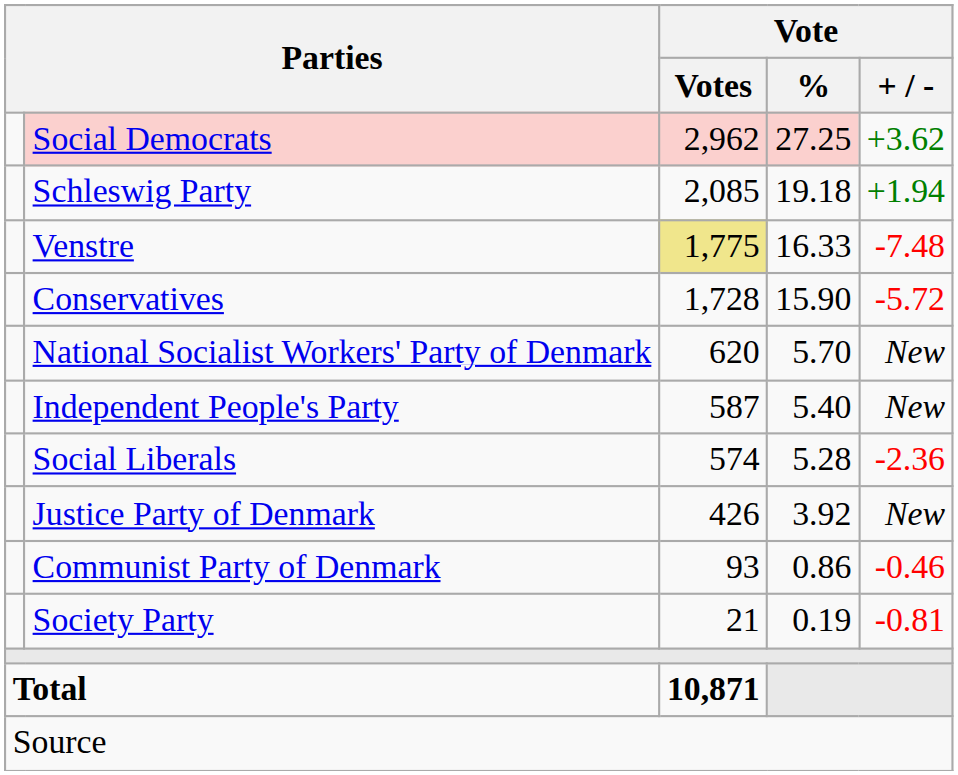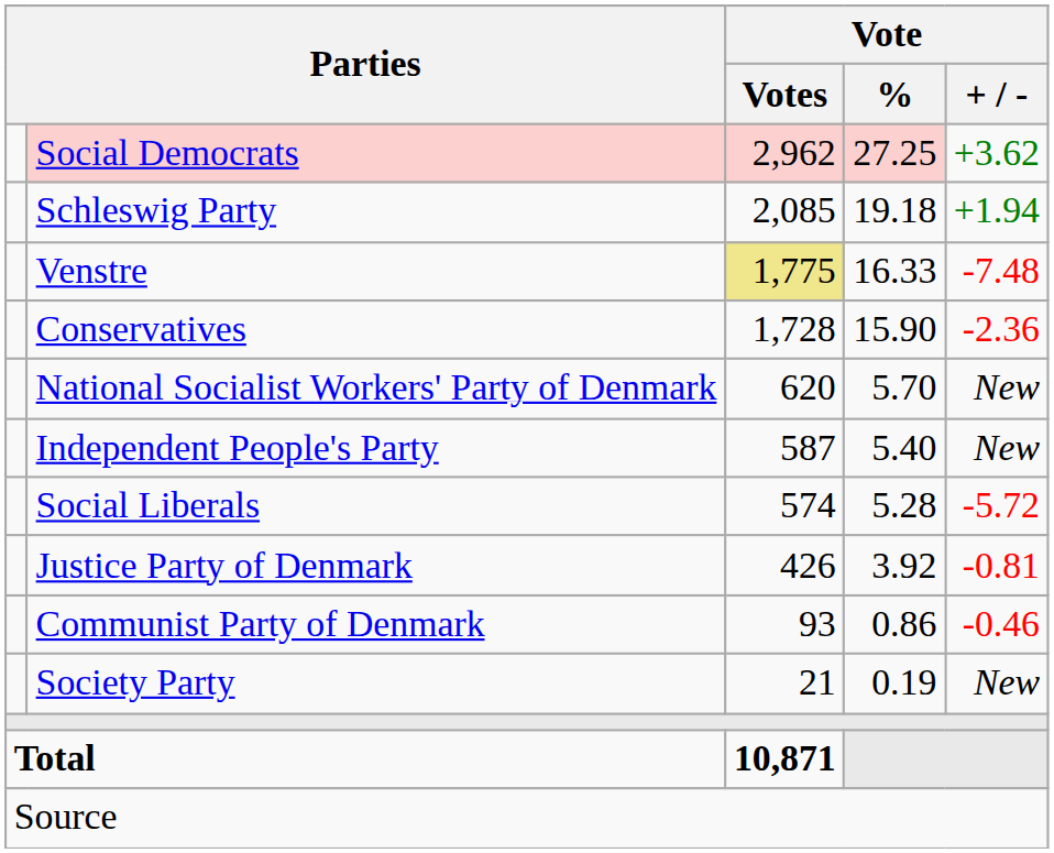 <table class="wikitable" style="text-align:right;">
 <tr>
 <th style="text-align:centre;" rowspan="2" colspan="2" width="225">Parties</th>
 <th colspan="3">Vote</th>
 </tr>
 <tr>
 <th width="15">Votes</th>
 <th width="15">%</th>
 <th width="15">+ / -</th>
 </tr>
 <tr>
 <td width="2" style="color:inherit;background:"></td>
 <td bgcolor=#fbd0ce  align="left"><a href='#'>Social Democrats</a></td>
 <td bgcolor=#fbd0ce>2,962</td>
 <td bgcolor=#fbd0ce>27.25</td>
 <td style=color:green;>+3.62</td>
 </tr>
 <tr>
 <td width="2" style="color:inherit;background:"></td>
 <td align="left"><a href='#'>Schleswig Party</a></td>
 <td>2,085</td>
 <td>19.18</td>
 <td style=color:green;>+1.94</td>
 </tr>
 <tr>
 <td width="2" style="color:inherit;background:"></td>
 <td align="left"><a href='#'>Venstre</a></td>
 <td style="background: khaki;">1,775</td>
 <td>16.33</td>
 <td style=color:red;>-7.48</td>
 </tr>
 <tr>
 <td width="2" style="color:inherit;background:"></td>
 <td align="left"><a href='#'>Conservatives</a></td>
 <td>1,728</td>
 <td>15.90</td>
-<td style=color:red;>-5.72</td>
+<td style=color:red;>-2.36</td>
 </tr>
 <tr>
 <td width="2" style="color:inherit;background:"></td>
 <td align="left"><a href='#'>National Socialist Workers' Party of Denmark</a></td>
 <td>620</td>
 <td>5.70</td>
 <td><em>New</em></td>
 </tr>
 <tr>
 <td width="2" style="color:inherit;background:"></td>
 <td align="left"><a href='#'>Independent People's Party</a></td>
 <td>587</td>
 <td>5.40</td>
 <td><em>New</em></td>
 </tr>
 <tr>
 <td width="2" style="color:inherit;background:"></td>
 <td align="left"><a href='#'>Social Liberals</a></td>
 <td>574</td>
 <td>5.28</td>
-<td style=color:red;>-2.36</td>
+<td style=color:red;>-5.72</td>
 </tr>
 <tr>
 <td width="2" style="color:inherit;background:"></td>
 <td align="left"><a href='#'>Justice Party of Denmark</a></td>
 <td>426</td>
 <td>3.92</td>
-<td><em>New</em></td>
+<td style=color:red;>-0.81</td>
 </tr>
 <tr>
 <td width="2" style="color:inherit;background:"></td>
 <td align="left"><a href='#'>Communist Party of Denmark</a></td>
 <td>93</td>
 <td>0.86</td>
 <td style=color:red;>-0.46</td>
 </tr>
 <tr>
 <td width="2" style="color:inherit;background:"></td>
 <td align="left"><a href='#'>Society Party</a></td>
 <td>21</td>
 <td>0.19</td>
-<td style=color:red;>-0.81</td>
+<td><em>New</em></td>
 </tr>
 <tr>
 <td colspan="7" bgcolor="#E9E9E9"></td>
 </tr>
 <tr>
 <td align="left" colspan="2"><strong>Total</strong></td>
 <td><strong>10,871</strong></td>
 <td bgcolor="#E9E9E9" colspan="2"></td>
 </tr>
 <tr>
 <td align="left" colspan="6">Source</td>
 </tr>
 </table>
